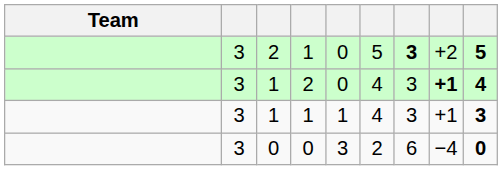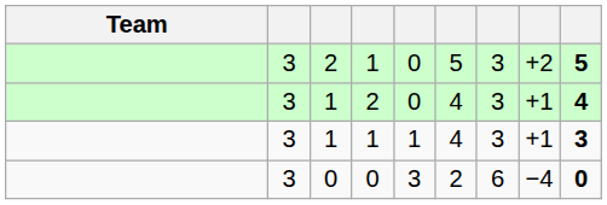 <table class="wikitable" style="text-align:center">
 <tr>
 <th width=165>Team</th>
 <th width=20></th>
 <th width=20></th>
 <th width=20></th>
 <th width=20></th>
 <th width=20></th>
 <th width=20></th>
 <th width=20></th>
 <th width=20></th>
 </tr>
 <tr bgcolor=ccffcc>
 <td align=left></td>
 <td>3</td>
 <td>2</td>
 <td>1</td>
 <td>0</td>
 <td>5</td>
-<td><strong>3</strong></td>
+<td>3</td>
 <td>+2</td>
 <td><strong>5</strong></td>
 </tr>
 <tr bgcolor=ccffcc>
 <td align=left></td>
 <td>3</td>
 <td>1</td>
 <td>2</td>
 <td>0</td>
 <td>4</td>
 <td>3</td>
-<td><strong>+1</strong></td>
+<td>+1</td>
 <td><strong>4</strong></td>
 </tr>
 <tr>
 <td align=left></td>
 <td>3</td>
 <td>1</td>
 <td>1</td>
 <td>1</td>
 <td>4</td>
 <td>3</td>
 <td>+1</td>
 <td><strong>3</strong></td>
 </tr>
 <tr>
 <td align=left></td>
 <td>3</td>
 <td>0</td>
 <td>0</td>
 <td>3</td>
 <td>2</td>
 <td>6</td>
 <td>−4</td>
 <td><strong>0</strong></td>
 </tr>
 </table>
